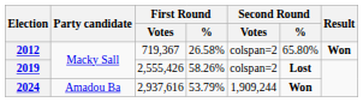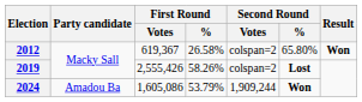 <table class="wikitable" style="text-align:center">
 <tr>
 <th rowspan="2">Election</th>
 <th rowspan="2">Party candidate</th>
 <th colspan="2">First Round</th>
 <th colspan="2">Second Round</th>
 <th rowspan="2">Result</th>
 </tr>
 <tr>
 <th><strong>Votes</strong></th>
 <th><strong>%</strong></th>
 <th><strong>Votes</strong></th>
 <th><strong>%</strong></th>
 </tr>
 <tr>
 <th><a href='#'>2012</a></th>
 <td rowspan="2"><a href='#'>Macky Sall</a></td>
-<td>719,367</td>
+<td>619,367</td>
 <td>26.58%</td>
 <td>colspan=2 </td>
 <td>65.80%</td>
 <td><strong>Won</strong> </td>
 </tr>
 <tr>
 <th><a href='#'>2019</a></th>
 <td>2,555,426</td>
 <td>58.26%</td>
 <td>colspan=2 </td>
 <td><strong>Lost</strong> </td>
 </tr>
 <tr>
 <th><a href='#'>2024</a></th>
 <td><a href='#'>Amadou Ba</a></td>
-<td>2,937,616</td>
+<td>1,605,086</td>
 <td>53.79%</td>
 <td>1,909,244</td>
 <td><strong>Won</strong> </td>
 </tr>
 </table>
